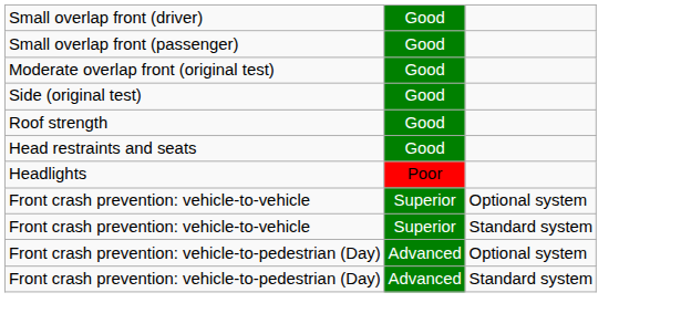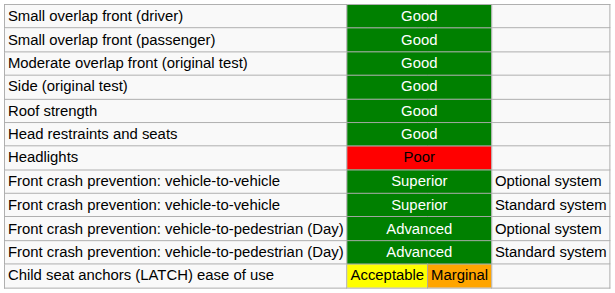 <table class="wikitable">
 <tr>
 <td>Small overlap front (driver)</td>
 <td colspan="2" style="text-align:center;color:white;background:green">Good</td>
 <td></td>
 </tr>
 <tr>
 <td>Small overlap front (passenger)</td>
 <td colspan="2" style="text-align:center;color:white;background:green">Good</td>
 <td></td>
 </tr>
 <tr>
 <td>Moderate overlap front (original test)</td>
 <td colspan="2" style="text-align:center;color:white;background:green">Good</td>
 <td></td>
 </tr>
 <tr>
 <td>Side (original test)</td>
 <td colspan="2" style="text-align:center;color:white;background:green">Good</td>
 <td></td>
 </tr>
 <tr>
 <td>Roof strength</td>
 <td colspan="2" style="text-align:center;color:white;background:green">Good</td>
 <td></td>
 </tr>
 <tr>
 <td>Head restraints and seats</td>
 <td colspan="2" style="text-align:center;color:white;background:green">Good</td>
 <td></td>
 </tr>
 <tr>
 <td>Headlights</td>
 <td colspan="2" style="text-align:center;color:black;background:red">Poor</td>
 <td></td>
 </tr>
 <tr>
 <td>Front crash prevention: vehicle-to-vehicle</td>
 <td colspan="2" style="text-align:center;color:white;background:green">Superior</td>
 <td>Optional system</td>
 </tr>
 <tr>
 <td>Front crash prevention: vehicle-to-vehicle</td>
 <td colspan="2" style="text-align:center;color:white;background:green">Superior</td>
 <td>Standard system</td>
 </tr>
 <tr>
 <td>Front crash prevention: vehicle-to-pedestrian (Day)</td>
 <td colspan="2" style="text-align:center;color:white;background:green">Advanced</td>
 <td>Optional system</td>
 </tr>
 <tr>
 <td>Front crash prevention: vehicle-to-pedestrian (Day)</td>
 <td colspan="2" style="text-align:center;color:white;background:green">Advanced</td>
 <td>Standard system</td>
 </tr>
+<tr>
+<td>Child seat anchors (LATCH) ease of use</td>
+<td style="text-align:center;color:black;background:yellow">Acceptable</td>
+<td style="text-align:center;color:black;background:orange">Marginal</td>
+<td></td>
+</tr>
 </table>
